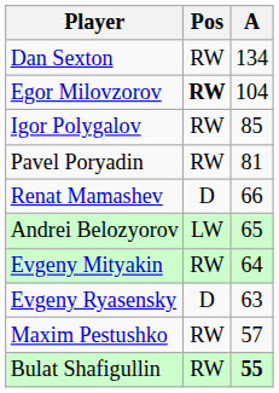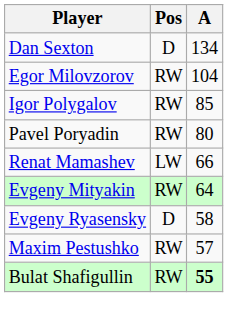 <table class="wikitable">
 <tr>
 <th>Player</th>
 <th>Pos</th>
 <th>A</th>
 </tr>
 <tr style="text-align:center;">
 <td style="text-align:left;"> <a href='#'>Dan Sexton</a></td>
-<td>RW</td>
+<td>D</td>
 <td>134</td>
 </tr>
 <tr style="text-align:center;">
 <td style="text-align:left;"> <a href='#'>Egor Milovzorov</a></td>
-<td><strong>RW</strong></td>
+<td>RW</td>
 <td>104</td>
 </tr>
 <tr style="text-align:center;">
 <td style="text-align:left;"> <a href='#'>Igor Polygalov</a></td>
 <td>RW</td>
 <td>85</td>
 </tr>
 <tr style="text-align:center;">
 <td style="text-align:left;"> Pavel Poryadin</td>
 <td>RW</td>
-<td>81</td>
+<td>80</td>
 </tr>
 <tr style="text-align:center;">
 <td style="text-align:left;"> <a href='#'>Renat Mamashev</a></td>
-<td>D</td>
+<td>LW</td>
 <td>66</td>
-</tr>
-<tr style="text-align:center;" bgcolor="#cfc">
-<td style="text-align:left;"> Andrei Belozyorov</td>
-<td>LW</td>
-<td>65</td>
 </tr>
 <tr style="text-align:center;"  bgcolor="#cfc">
 <td style="text-align:left;"> <a href='#'>Evgeny Mityakin</a></td>
 <td>RW</td>
 <td>64</td>
 </tr>
 <tr style="text-align:center;">
 <td style="text-align:left;"> <a href='#'>Evgeny Ryasensky</a></td>
 <td>D</td>
-<td>63</td>
+<td>58</td>
 </tr>
 <tr style="text-align:center;">
 <td style="text-align:left;"> <a href='#'>Maxim Pestushko</a></td>
 <td>RW</td>
 <td>57</td>
 </tr>
 <tr style="text-align:center;"  bgcolor="#cfc">
 <td style="text-align:left;"> Bulat Shafigullin</td>
 <td>RW</td>
 <td><strong>55</strong></td>
 </tr>
 </table>
